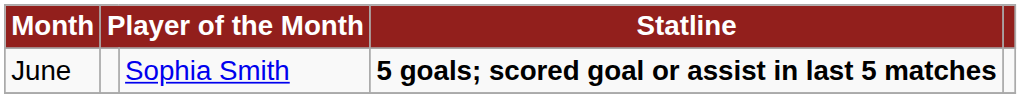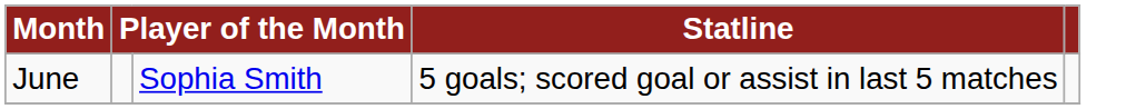 <table class="wikitable sortable">
 <tr>
 <th style="background:#921f1c; color:#fff;">Month</th>
 <th style="background:#921f1c; color:#fff;" colspan="2">Player of the Month</th>
 <th style="background:#921f1c; color:#fff;">Statline</th>
 <th style="background:#921f1c; color:#fff;"></th>
 </tr>
 <tr>
 <td>June</td>
 <td></td>
 <td><a href='#'>Sophia Smith</a></td>
-<td><strong>5 goals; scored goal or assist in last 5 matches</strong></td>
+<td>5 goals; scored goal or assist in last 5 matches</td>
 <td></td>
 </tr>
 <tr>
 </tr>
 </table>
